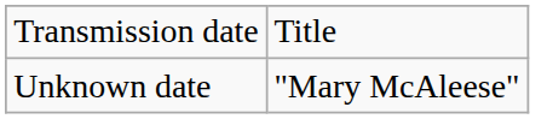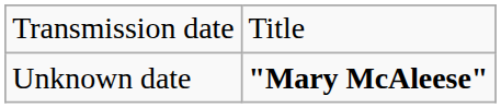 <table class="wikitable">
 <tr>
 <td>Transmission date</td>
 <td>Title</td>
 </tr>
 <tr>
 <td>Unknown date</td>
-<td>"Mary McAleese"</td>
+<td><strong>"Mary McAleese"</strong></td>
 </tr>
 </table>
